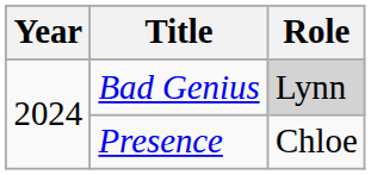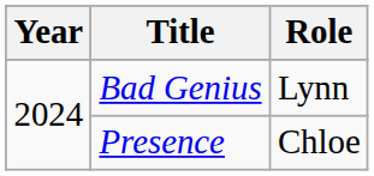 <table class="wikitable">
 <tr>
 <th>Year</th>
 <th>Title</th>
 <th>Role</th>
 </tr>
 <tr>
 <td rowspan="2">2024</td>
 <td><em><a href='#'>Bad Genius</a></em></td>
-<td style="background: lightgrey;">Lynn</td>
+<td>Lynn</td>
 </tr>
 <tr>
 <td><em><a href='#'>Presence</a></em></td>
 <td>Chloe</td>
 </tr>
 </table>
